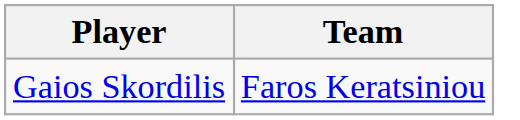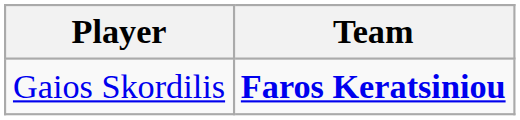 <table class="wikitable">
 <tr>
 <th>Player</th>
 <th>Team</th>
 </tr>
 <tr>
 <td> <a href='#'>Gaios Skordilis</a></td>
-<td><a href='#'>Faros Keratsiniou</a></td>
+<td><strong><a href='#'>Faros Keratsiniou</a></strong></td>
 </tr>
 </table>
